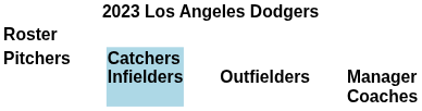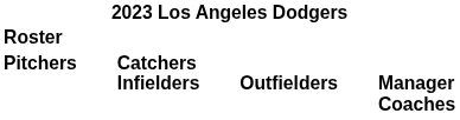 <table class="toccolours" style="font-size: 95%;">
 <tr>
 <th colspan="10">2023 Los Angeles Dodgers</th>
 </tr>
 <tr>
 <td colspan="10"><strong>Roster</strong></td>
 </tr>
 <tr>
 <td valign="top"><strong>Pitchers</strong><br>                                   </td>
 <td width="25px"></td>
-<td valign="top" style="background: lightblue;"><strong>Catchers</strong><br>   <strong>Infielders</strong>          </td>
+<td valign="top"><strong>Catchers</strong><br>   <strong>Infielders</strong>          </td>
 <td width="25px"></td>
 <td valign="top"><br><strong>Outfielders</strong>         </td>
 <td width="25px"></td>
 <td valign="top"><br><strong>Manager</strong> <br><strong>Coaches</strong>                    </td>
 </tr>
 </table>
